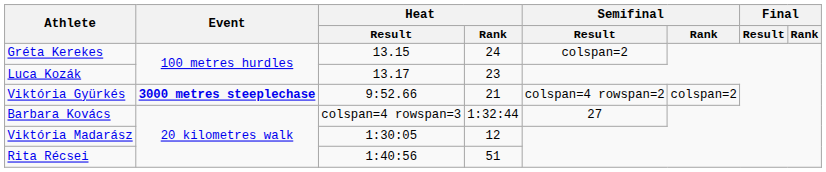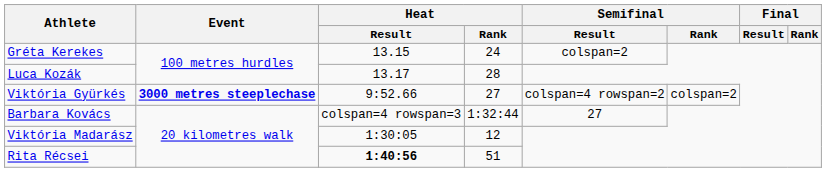 <table class="wikitable" style="font-size:90%">
 <tr>
 <th rowspan="2">Athlete</th>
 <th rowspan="2">Event</th>
 <th colspan="2">Heat</th>
 <th colspan="2">Semifinal</th>
 <th colspan="2">Final</th>
 </tr>
 <tr style="font-size:95%">
 <th>Result</th>
 <th>Rank</th>
 <th>Result</th>
 <th>Rank</th>
 <th>Result</th>
 <th>Rank</th>
 </tr>
 <tr style=text-align:center>
 <td style=text-align:left><a href='#'>Gréta Kerekes</a></td>
 <td rowspan=2><a href='#'>100 metres hurdles</a></td>
 <td>13.15</td>
 <td>24</td>
 <td>colspan=2 </td>
 </tr>
 <tr style=text-align:center>
 <td style=text-align:left><a href='#'>Luca Kozák</a></td>
 <td>13.17</td>
-<td>23</td>
+<td>28</td>
 </tr>
 <tr style=text-align:center>
 <td style=text-align:left><a href='#'>Viktória Gyürkés</a></td>
 <td><strong><a href='#'>3000 metres steeplechase</a></strong></td>
 <td>9:52.66</td>
-<td>21</td>
+<td>27</td>
 <td>colspan=4 rowspan=2 </td>
 <td>colspan=2 </td>
 </tr>
 <tr style=text-align:center>
 <td style=text-align:left><a href='#'>Barbara Kovács</a></td>
 <td rowspan=3><a href='#'>20 kilometres walk</a></td>
 <td>colspan=4 rowspan=3 </td>
 <td>1:32:44</td>
 <td>27</td>
 </tr>
 <tr style=text-align:center>
 <td style=text-align:left><a href='#'>Viktória Madarász</a></td>
 <td>1:30:05 <strong></strong></td>
 <td>12</td>
 </tr>
 <tr style=text-align:center>
 <td align=left><a href='#'>Rita Récsei</a></td>
-<td>1:40:56</td>
+<td><strong>1:40:56</strong></td>
 <td>51</td>
 </tr>
 </table>
